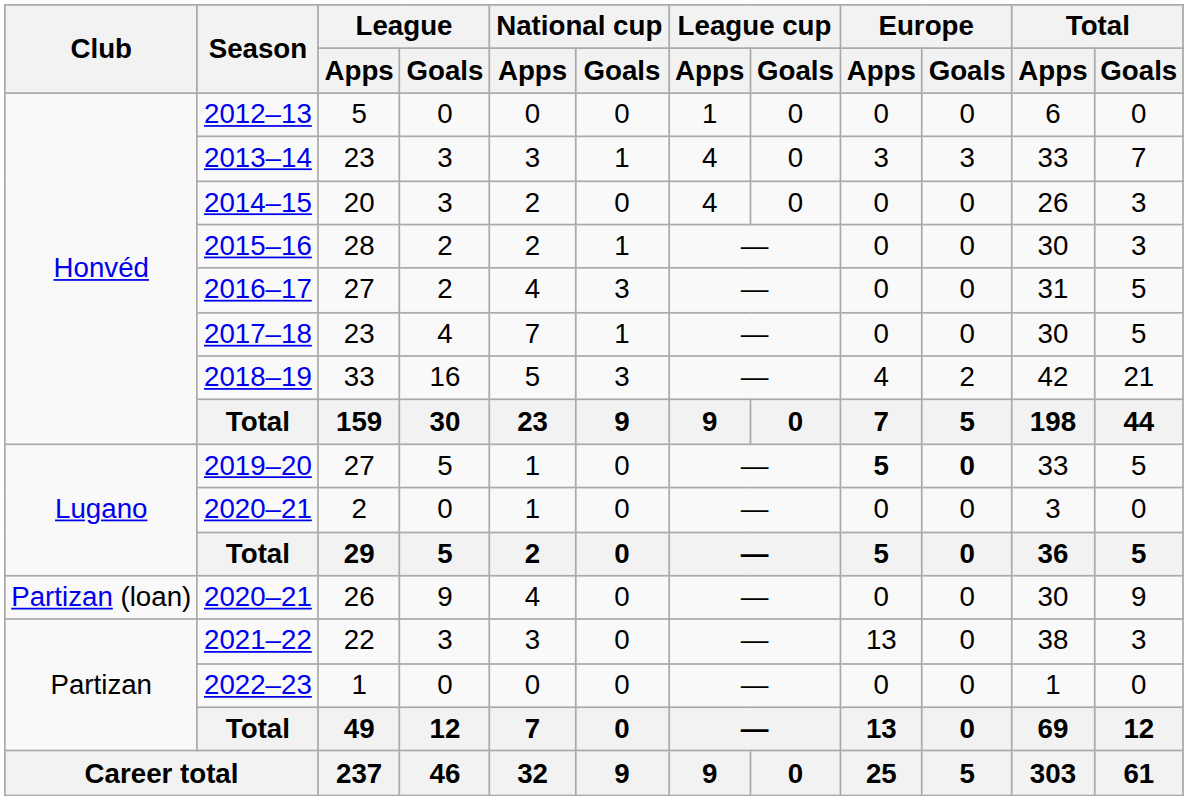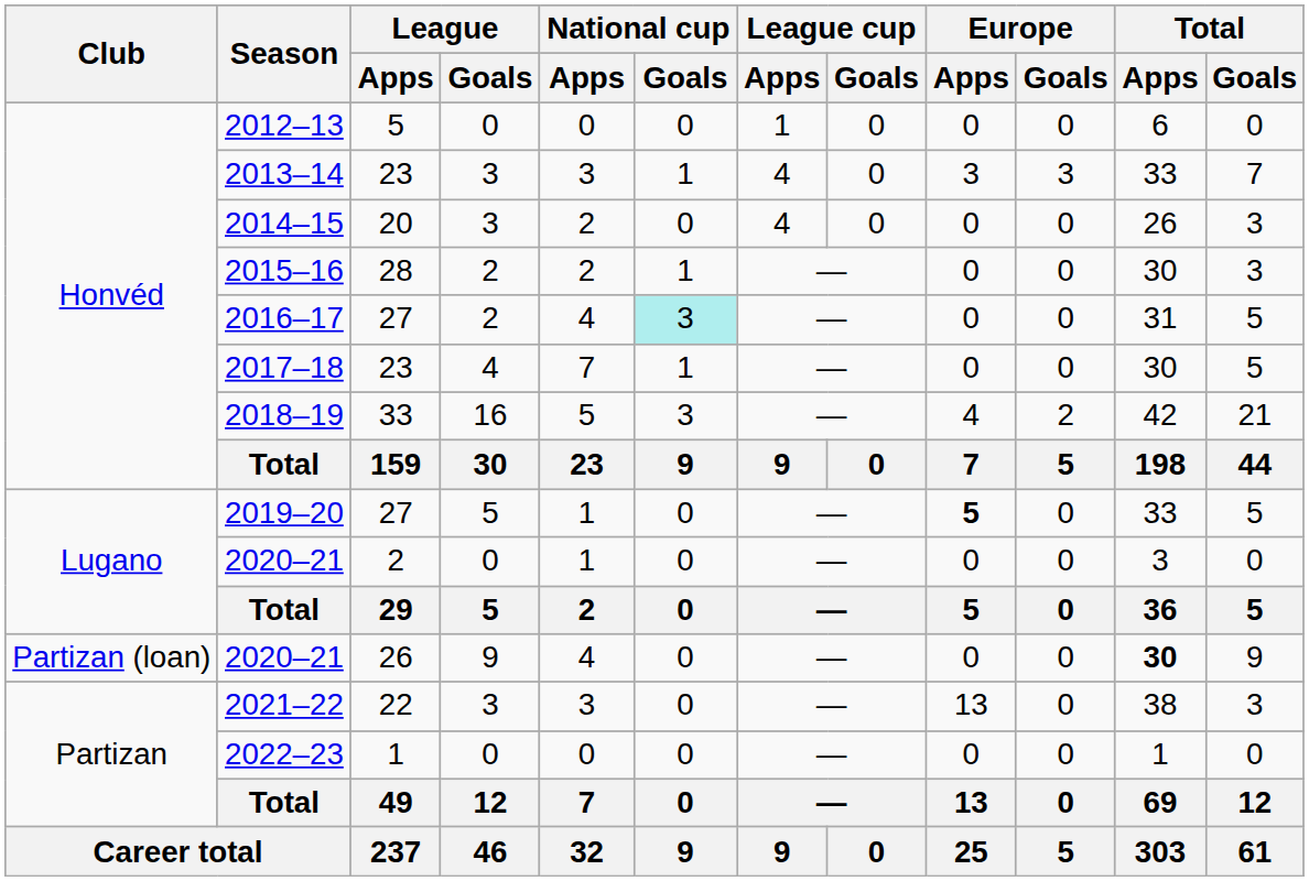 <table class="wikitable" style="text-align:center">
 <tr>
 <th rowspan="2">Club</th>
 <th rowspan="2">Season</th>
 <th colspan="2">League</th>
 <th colspan="2">National cup</th>
 <th colspan="2">League cup</th>
 <th colspan="2">Europe</th>
 <th colspan="2">Total</th>
 </tr>
 <tr>
 <th>Apps</th>
 <th>Goals</th>
 <th>Apps</th>
 <th>Goals</th>
 <th>Apps</th>
 <th>Goals</th>
 <th>Apps</th>
 <th>Goals</th>
 <th>Apps</th>
 <th>Goals</th>
 </tr>
 <tr>
 <td rowspan="8"><a href='#'>Honvéd</a></td>
 <td><a href='#'>2012–13</a></td>
 <td>5</td>
 <td>0</td>
 <td>0</td>
 <td>0</td>
 <td>1</td>
 <td>0</td>
 <td>0</td>
 <td>0</td>
 <td>6</td>
 <td>0</td>
 </tr>
 <tr>
 <td><a href='#'>2013–14</a></td>
 <td>23</td>
 <td>3</td>
 <td>3</td>
 <td>1</td>
 <td>4</td>
 <td>0</td>
 <td>3</td>
 <td>3</td>
 <td>33</td>
 <td>7</td>
 </tr>
 <tr>
 <td><a href='#'>2014–15</a></td>
 <td>20</td>
 <td>3</td>
 <td>2</td>
 <td>0</td>
 <td>4</td>
 <td>0</td>
 <td>0</td>
 <td>0</td>
 <td>26</td>
 <td>3</td>
 </tr>
 <tr>
 <td><a href='#'>2015–16</a></td>
 <td>28</td>
 <td>2</td>
 <td>2</td>
 <td>1</td>
 <td colspan="2">—</td>
 <td>0</td>
 <td>0</td>
 <td>30</td>
 <td>3</td>
 </tr>
 <tr>
 <td><a href='#'>2016–17</a></td>
 <td>27</td>
 <td>2</td>
 <td>4</td>
-<td>3</td>
+<td style="background: paleturquoise;">3</td>
 <td colspan="2">—</td>
 <td>0</td>
 <td>0</td>
 <td>31</td>
 <td>5</td>
 </tr>
 <tr>
 <td><a href='#'>2017–18</a></td>
 <td>23</td>
 <td>4</td>
 <td>7</td>
 <td>1</td>
 <td colspan="2">—</td>
 <td>0</td>
 <td>0</td>
 <td>30</td>
 <td>5</td>
 </tr>
 <tr>
 <td><a href='#'>2018–19</a></td>
 <td>33</td>
 <td>16</td>
 <td>5</td>
 <td>3</td>
 <td colspan="2">—</td>
 <td>4</td>
 <td>2</td>
 <td>42</td>
 <td>21</td>
 </tr>
 <tr>
 <th>Total</th>
 <th>159</th>
 <th>30</th>
 <th>23</th>
 <th>9</th>
 <th>9</th>
 <th>0</th>
 <th>7</th>
 <th>5</th>
 <th>198</th>
 <th>44</th>
 </tr>
 <tr>
 <td rowspan="3"><a href='#'>Lugano</a></td>
 <td><a href='#'>2019–20</a></td>
 <td>27</td>
 <td>5</td>
 <td>1</td>
 <td>0</td>
 <td colspan="2">—</td>
 <td><strong>5</strong></td>
-<td><strong>0</strong></td>
+<td>0</td>
 <td>33</td>
 <td>5</td>
 </tr>
 <tr>
 <td><a href='#'>2020–21</a></td>
 <td>2</td>
 <td>0</td>
 <td>1</td>
 <td>0</td>
 <td colspan="2">—</td>
 <td>0</td>
 <td>0</td>
 <td>3</td>
 <td>0</td>
 </tr>
 <tr>
 <th>Total</th>
 <th>29</th>
 <th>5</th>
 <th>2</th>
 <th>0</th>
 <th colspan="2">—</th>
 <th>5</th>
 <th>0</th>
 <th>36</th>
 <th>5</th>
 </tr>
 <tr>
 <td><a href='#'>Partizan</a> (loan)</td>
 <td><a href='#'>2020–21</a></td>
 <td>26</td>
 <td>9</td>
 <td>4</td>
 <td>0</td>
 <td colspan="2">—</td>
 <td>0</td>
 <td>0</td>
-<td>30</td>
+<td><strong>30</strong></td>
 <td>9</td>
 </tr>
 <tr>
 <td rowspan="3">Partizan</td>
 <td><a href='#'>2021–22</a></td>
 <td>22</td>
 <td>3</td>
 <td>3</td>
 <td>0</td>
 <td colspan="2">—</td>
 <td>13</td>
 <td>0</td>
 <td>38</td>
 <td>3</td>
 </tr>
 <tr>
 <td><a href='#'>2022–23</a></td>
 <td>1</td>
 <td>0</td>
 <td>0</td>
 <td>0</td>
 <td colspan="2">—</td>
 <td>0</td>
 <td>0</td>
 <td>1</td>
 <td>0</td>
 </tr>
 <tr>
 <th>Total</th>
 <th>49</th>
 <th>12</th>
 <th>7</th>
 <th>0</th>
 <th colspan="2">—</th>
 <th>13</th>
 <th>0</th>
 <th>69</th>
 <th>12</th>
 </tr>
 <tr>
 <th colspan="2">Career total</th>
 <th>237</th>
 <th>46</th>
 <th>32</th>
 <th>9</th>
 <th>9</th>
 <th>0</th>
 <th>25</th>
 <th>5</th>
 <th>303</th>
 <th>61</th>
 </tr>
 </table>
